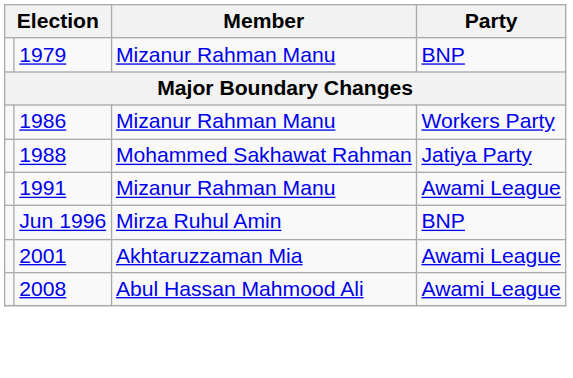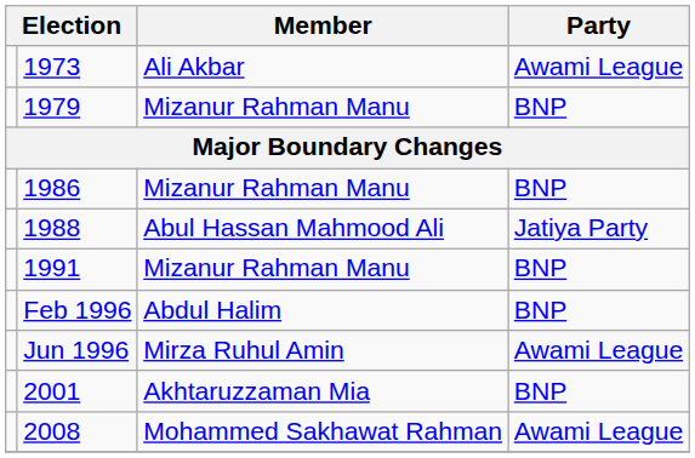 <table class="wikitable">
 <tr>
 <th colspan="2">Election</th>
 <th>Member</th>
 <th>Party</th>
+</tr>
+<tr>
+<td style="background-color:"></td>
+<td><a href='#'>1973</a></td>
+<td><a href='#'>Ali Akbar</a></td>
+<td><a href='#'>Awami League</a></td>
 </tr>
 <tr>
 <td style="background-color:"></td>
 <td><a href='#'>1979</a></td>
 <td><a href='#'>Mizanur Rahman Manu</a></td>
 <td><a href='#'>BNP</a></td>
 </tr>
 <tr>
 <th colspan="4">Major Boundary Changes</th>
 </tr>
 <tr>
 <td style="background-color:"></td>
 <td><a href='#'>1986</a></td>
 <td><a href='#'>Mizanur Rahman Manu</a></td>
-<td><a href='#'>Workers Party</a></td>
+<td><a href='#'>BNP</a></td>
 </tr>
 <tr>
 <td style="background-color:"></td>
 <td><a href='#'>1988</a></td>
-<td><a href='#'>Mohammed Sakhawat Rahman</a></td>
+<td><a href='#'>Abul Hassan Mahmood Ali</a></td>
 <td><a href='#'>Jatiya Party</a></td>
 </tr>
 <tr>
 <td style="background-color:"></td>
 <td><a href='#'>1991</a></td>
 <td><a href='#'>Mizanur Rahman Manu</a></td>
-<td><a href='#'>Awami League</a></td>
+<td><a href='#'>BNP</a></td>
+</tr>
+<tr>
+<td style="background-color:"></td>
+<td><a href='#'>Feb 1996</a></td>
+<td><a href='#'>Abdul Halim</a></td>
+<td><a href='#'>BNP</a></td>
 </tr>
 <tr>
 <td style="background-color:"></td>
 <td><a href='#'>Jun 1996</a></td>
 <td><a href='#'>Mirza Ruhul Amin</a></td>
-<td><a href='#'>BNP</a></td>
+<td><a href='#'>Awami League</a></td>
 </tr>
 <tr>
 <td style="background-color:"></td>
 <td><a href='#'>2001</a></td>
 <td><a href='#'>Akhtaruzzaman Mia</a></td>
-<td><a href='#'>Awami League</a></td>
+<td><a href='#'>BNP</a></td>
 </tr>
 <tr>
 <td style="background-color:"></td>
 <td><a href='#'>2008</a></td>
-<td><a href='#'>Abul Hassan Mahmood Ali</a></td>
+<td><a href='#'>Mohammed Sakhawat Rahman</a></td>
 <td><a href='#'>Awami League</a></td>
 </tr>
 <tr>
 </tr>
 </table>
